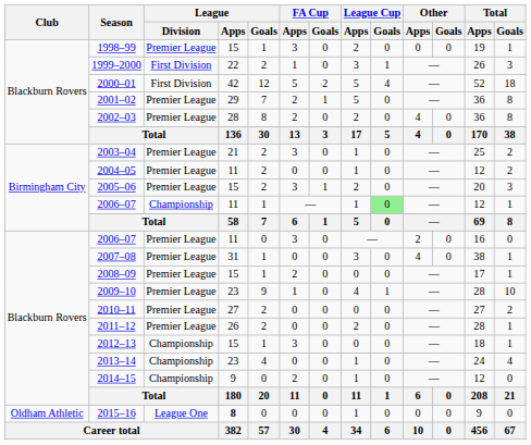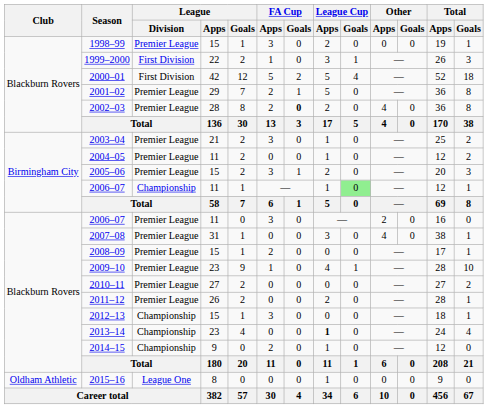 <table class="wikitable" style="text-align:center">
 <tr>
 <th rowspan="2">Club</th>
 <th rowspan="2">Season</th>
 <th colspan="3">League</th>
 <th colspan="2"><a href='#'>FA Cup</a></th>
 <th colspan="2"><a href='#'>League Cup</a></th>
 <th colspan="2">Other</th>
 <th colspan="2">Total</th>
 </tr>
 <tr>
 <th>Division</th>
 <th>Apps</th>
 <th>Goals</th>
 <th>Apps</th>
 <th>Goals</th>
 <th>Apps</th>
 <th>Goals</th>
 <th>Apps</th>
 <th>Goals</th>
 <th>Apps</th>
 <th>Goals</th>
 </tr>
 <tr>
 <td rowspan="6">Blackburn Rovers</td>
 <td><a href='#'>1998–99</a></td>
 <td><a href='#'>Premier League</a></td>
 <td>15</td>
 <td>1</td>
 <td>3</td>
 <td>0</td>
 <td>2</td>
 <td>0</td>
 <td>0</td>
 <td>0</td>
 <td>19</td>
 <td>1</td>
 </tr>
 <tr>
 <td><a href='#'>1999–2000</a></td>
 <td><a href='#'>First Division</a></td>
 <td>22</td>
 <td>2</td>
 <td>1</td>
 <td>0</td>
 <td>3</td>
 <td>1</td>
 <td colspan="2">—</td>
 <td>26</td>
 <td>3</td>
 </tr>
 <tr>
 <td><a href='#'>2000–01</a></td>
 <td>First Division</td>
 <td>42</td>
 <td>12</td>
 <td>5</td>
 <td>2</td>
 <td>5</td>
 <td>4</td>
 <td colspan="2">—</td>
 <td>52</td>
 <td>18</td>
 </tr>
 <tr>
 <td><a href='#'>2001–02</a></td>
 <td>Premier League</td>
 <td>29</td>
 <td>7</td>
 <td>2</td>
 <td>1</td>
 <td>5</td>
 <td>0</td>
 <td colspan="2">—</td>
 <td>36</td>
 <td>8</td>
 </tr>
 <tr>
 <td><a href='#'>2002–03</a></td>
 <td>Premier League</td>
 <td>28</td>
 <td>8</td>
 <td>2</td>
-<td>0</td>
+<td><strong>0</strong></td>
 <td>2</td>
 <td>0</td>
 <td>4</td>
 <td>0</td>
 <td>36</td>
 <td>8</td>
 </tr>
 <tr>
 <th colspan="2">Total</th>
 <th>136</th>
 <th>30</th>
 <th>13</th>
 <th>3</th>
 <th>17</th>
 <th>5</th>
 <th>4</th>
 <th>0</th>
 <th>170</th>
 <th>38</th>
 </tr>
 <tr>
 <td rowspan="5"><a href='#'>Birmingham City</a></td>
 <td><a href='#'>2003–04</a></td>
 <td>Premier League</td>
 <td>21</td>
 <td>2</td>
 <td>3</td>
 <td>0</td>
 <td>1</td>
 <td>0</td>
 <td colspan="2">—</td>
 <td>25</td>
 <td>2</td>
 </tr>
 <tr>
 <td><a href='#'>2004–05</a></td>
 <td>Premier League</td>
 <td>11</td>
 <td>2</td>
 <td>0</td>
 <td>0</td>
 <td>1</td>
 <td>0</td>
 <td colspan="2">—</td>
 <td>12</td>
 <td>2</td>
 </tr>
 <tr>
 <td><a href='#'>2005–06</a></td>
 <td>Premier League</td>
 <td>15</td>
 <td>2</td>
 <td>3</td>
 <td>1</td>
 <td>2</td>
 <td>0</td>
 <td colspan="2">—</td>
 <td>20</td>
 <td>3</td>
 </tr>
 <tr>
 <td><a href='#'>2006–07</a></td>
 <td><a href='#'>Championship</a></td>
 <td>11</td>
 <td>1</td>
 <td colspan="2">—</td>
 <td>1</td>
 <td style="background: lightgreen;">0</td>
 <td colspan="2">—</td>
 <td>12</td>
 <td>1</td>
 </tr>
 <tr>
 <th colspan="2">Total</th>
 <th>58</th>
 <th>7</th>
 <th>6</th>
 <th>1</th>
 <th>5</th>
 <th>0</th>
 <th colspan="2">—</th>
 <th>69</th>
 <th>8</th>
 </tr>
 <tr>
 <td rowspan="10">Blackburn Rovers</td>
 <td><a href='#'>2006–07</a></td>
 <td>Premier League</td>
 <td>11</td>
 <td>0</td>
 <td>3</td>
 <td>0</td>
 <td colspan="2">—</td>
 <td>2</td>
 <td>0</td>
 <td>16</td>
 <td>0</td>
 </tr>
 <tr>
 <td><a href='#'>2007–08</a></td>
 <td>Premier League</td>
 <td>31</td>
 <td>1</td>
 <td>0</td>
 <td>0</td>
 <td>3</td>
 <td>0</td>
 <td>4</td>
 <td>0</td>
 <td>38</td>
 <td>1</td>
 </tr>
 <tr>
 <td><a href='#'>2008–09</a></td>
 <td>Premier League</td>
 <td>15</td>
 <td>1</td>
 <td>2</td>
 <td>0</td>
 <td>0</td>
 <td>0</td>
 <td colspan="2">—</td>
 <td>17</td>
 <td>1</td>
 </tr>
 <tr>
 <td><a href='#'>2009–10</a></td>
 <td>Premier League</td>
 <td>23</td>
 <td>9</td>
 <td>1</td>
 <td>0</td>
 <td>4</td>
 <td>1</td>
 <td colspan="2">—</td>
 <td>28</td>
 <td>10</td>
 </tr>
 <tr>
 <td><a href='#'>2010–11</a></td>
 <td>Premier League</td>
 <td>27</td>
 <td>2</td>
 <td>0</td>
 <td>0</td>
 <td>0</td>
 <td>0</td>
 <td colspan="2">—</td>
 <td>27</td>
 <td>2</td>
 </tr>
 <tr>
 <td><a href='#'>2011–12</a></td>
 <td>Premier League</td>
 <td>26</td>
 <td>2</td>
 <td>0</td>
 <td>0</td>
 <td>2</td>
 <td>0</td>
 <td colspan="2">—</td>
 <td>28</td>
 <td>1</td>
 </tr>
 <tr>
 <td><a href='#'>2012–13</a></td>
 <td>Championship</td>
 <td>15</td>
 <td>1</td>
 <td>3</td>
 <td>0</td>
 <td>0</td>
 <td>0</td>
 <td colspan="2">—</td>
 <td>18</td>
 <td>1</td>
 </tr>
 <tr>
 <td><a href='#'>2013–14</a></td>
 <td>Championship</td>
 <td>23</td>
 <td>4</td>
 <td>0</td>
 <td>0</td>
-<td>1</td>
+<td><strong>1</strong></td>
 <td>0</td>
 <td colspan="2">—</td>
 <td>24</td>
 <td>4</td>
 </tr>
 <tr>
 <td><a href='#'>2014–15</a></td>
 <td>Championship</td>
 <td>9</td>
 <td>0</td>
 <td>2</td>
 <td>0</td>
 <td>1</td>
 <td>0</td>
 <td colspan="2">—</td>
 <td>12</td>
 <td>0</td>
 </tr>
 <tr>
 <th colspan="2">Total</th>
 <th>180</th>
 <th>20</th>
 <th>11</th>
 <th>0</th>
 <th>11</th>
 <th>1</th>
 <th>6</th>
 <th>0</th>
 <th>208</th>
 <th>21</th>
 </tr>
 <tr>
 <td><a href='#'>Oldham Athletic</a></td>
 <td><a href='#'>2015–16</a></td>
 <td><a href='#'>League One</a></td>
-<td><strong>8</strong></td>
+<td>8</td>
 <td>0</td>
 <td>0</td>
 <td>0</td>
 <td>1</td>
 <td>0</td>
 <td>0</td>
 <td>0</td>
 <td>9</td>
 <td>0</td>
 </tr>
 <tr>
 <th colspan="3">Career total</th>
 <th>382</th>
 <th>57</th>
 <th>30</th>
 <th>4</th>
 <th>34</th>
 <th>6</th>
 <th>10</th>
 <th>0</th>
 <th>456</th>
 <th>67</th>
 </tr>
 </table>
